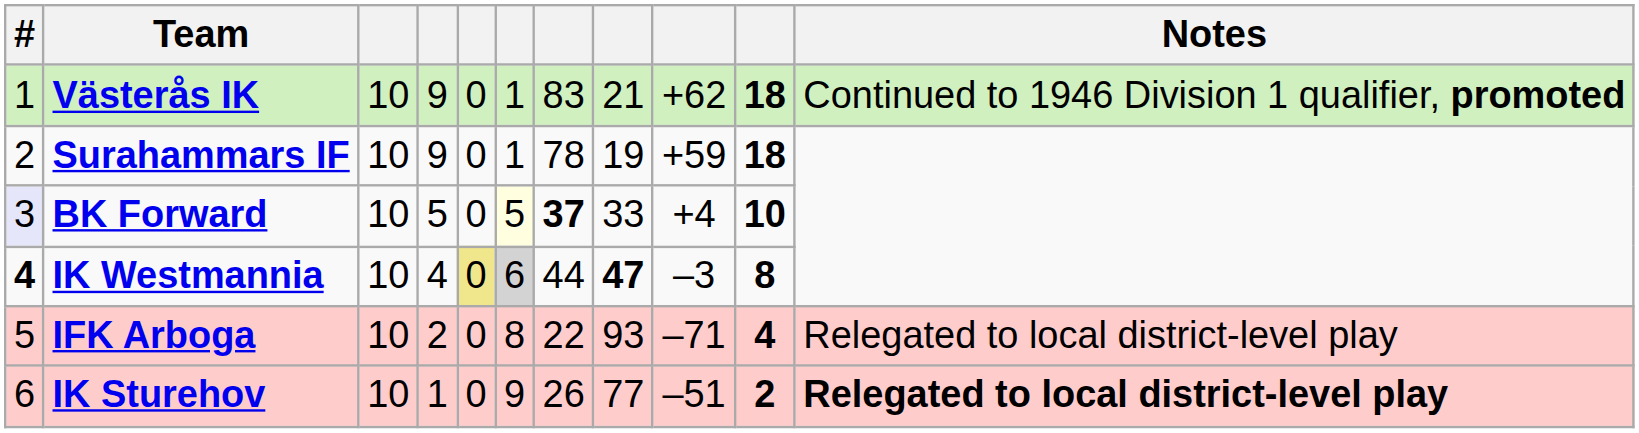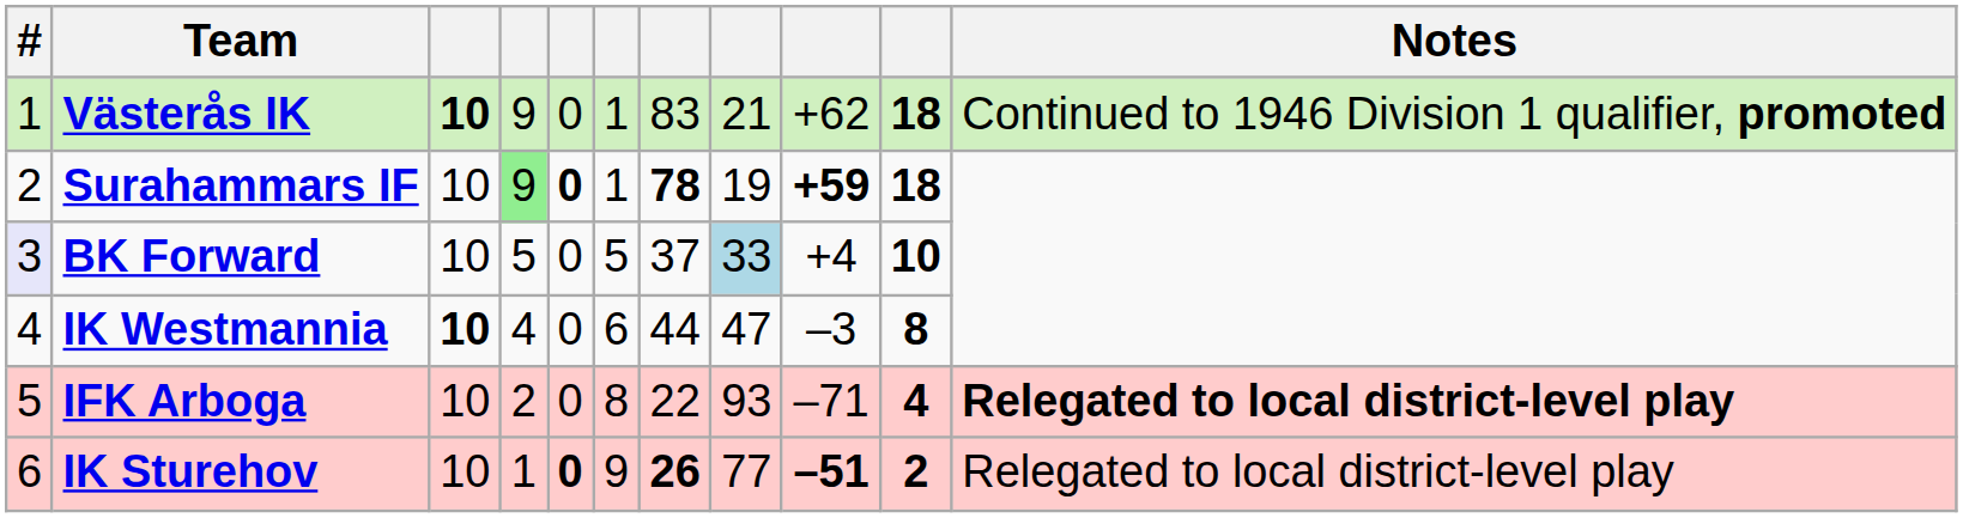 <table class="wikitable sortable">
 <tr>
 <th>#</th>
 <th>Team</th>
 <th></th>
 <th></th>
 <th></th>
 <th></th>
 <th></th>
 <th></th>
 <th></th>
 <th></th>
 <th>Notes</th>
 </tr>
 <tr style="background: #D0F0C0;">
 <td>1</td>
 <td style="font-weight:bold;"><a href='#'>Västerås IK</a></td>
-<td style="text-align: center;">10</td>
+<td style="text-align: center;"><strong>10</strong></td>
 <td style="text-align: center;">9</td>
 <td style="text-align: center;">0</td>
 <td style="text-align: center;">1</td>
 <td style="text-align: center;">83</td>
 <td style="text-align: center;">21</td>
 <td style="text-align: center;">+62</td>
 <td style="text-align: center; font-weight:bold;">18</td>
 <td>Continued to 1946 Division 1 qualifier, <strong>promoted</strong></td>
 </tr>
 <tr>
 <td>2</td>
 <td style="font-weight:bold;"><a href='#'>Surahammars IF</a></td>
 <td style="text-align: center;">10</td>
-<td style="text-align: center;">9</td>
-<td style="text-align: center;">0</td>
+<td style="background: lightgreen; text-align: center;">9</td>
+<td style="text-align: center;"><strong>0</strong></td>
 <td style="text-align: center;">1</td>
-<td style="text-align: center;">78</td>
+<td style="text-align: center;"><strong>78</strong></td>
 <td style="text-align: center;">19</td>
-<td style="text-align: center;">+59</td>
+<td style="text-align: center;"><strong>+59</strong></td>
 <td style="text-align: center; font-weight:bold;">18</td>
 </tr>
 <tr>
 <td style="background: lavender;">3</td>
 <td style="font-weight:bold;"><a href='#'>BK Forward</a></td>
 <td style="text-align: center;">10</td>
 <td style="text-align: center;">5</td>
 <td style="text-align: center;">0</td>
-<td style="background: lightyellow; text-align: center;">5</td>
-<td style="text-align: center;"><strong>37</strong></td>
-<td style="text-align: center;">33</td>
+<td style="text-align: center;">5</td>
+<td style="text-align: center;">37</td>
+<td style="background: lightblue; text-align: center;">33</td>
 <td style="text-align: center;">+4</td>
 <td style="text-align: center; font-weight:bold;">10</td>
 </tr>
 <tr>
-<td><strong>4</strong></td>
+<td>4</td>
 <td style="font-weight:bold;"><a href='#'>IK Westmannia</a></td>
-<td style="text-align: center;">10</td>
+<td style="text-align: center;"><strong>10</strong></td>
 <td style="text-align: center;">4</td>
-<td style="background: khaki; text-align: center;">0</td>
-<td style="background: lightgrey; text-align: center;">6</td>
+<td style="text-align: center;">0</td>
+<td style="text-align: center;">6</td>
 <td style="text-align: center;">44</td>
-<td style="text-align: center;"><strong>47</strong></td>
+<td style="text-align: center;">47</td>
 <td style="text-align: center;">–3</td>
 <td style="text-align: center; font-weight:bold;">8</td>
 </tr>
 <tr style="background: #FFCCCC;">
 <td>5</td>
 <td style="font-weight:bold;"><a href='#'>IFK Arboga</a></td>
 <td style="text-align: center;">10</td>
 <td style="text-align: center;">2</td>
 <td style="text-align: center;">0</td>
 <td style="text-align: center;">8</td>
 <td style="text-align: center;">22</td>
 <td style="text-align: center;">93</td>
 <td style="text-align: center;">–71</td>
 <td style="text-align: center; font-weight:bold;">4</td>
-<td>Relegated to local district-level play</td>
+<td><strong>Relegated to local district-level play</strong></td>
 </tr>
 <tr style="background: #FFCCCC;">
 <td>6</td>
 <td style="font-weight:bold;"><a href='#'>IK Sturehov</a></td>
 <td style="text-align: center;">10</td>
 <td style="text-align: center;">1</td>
-<td style="text-align: center;">0</td>
+<td style="text-align: center;"><strong>0</strong></td>
 <td style="text-align: center;">9</td>
-<td style="text-align: center;">26</td>
+<td style="text-align: center;"><strong>26</strong></td>
 <td style="text-align: center;">77</td>
-<td style="text-align: center;">–51</td>
+<td style="text-align: center;"><strong>–51</strong></td>
 <td style="text-align: center; font-weight:bold;">2</td>
-<td><strong>Relegated to local district-level play</strong></td>
+<td>Relegated to local district-level play</td>
 </tr>
 </table>
